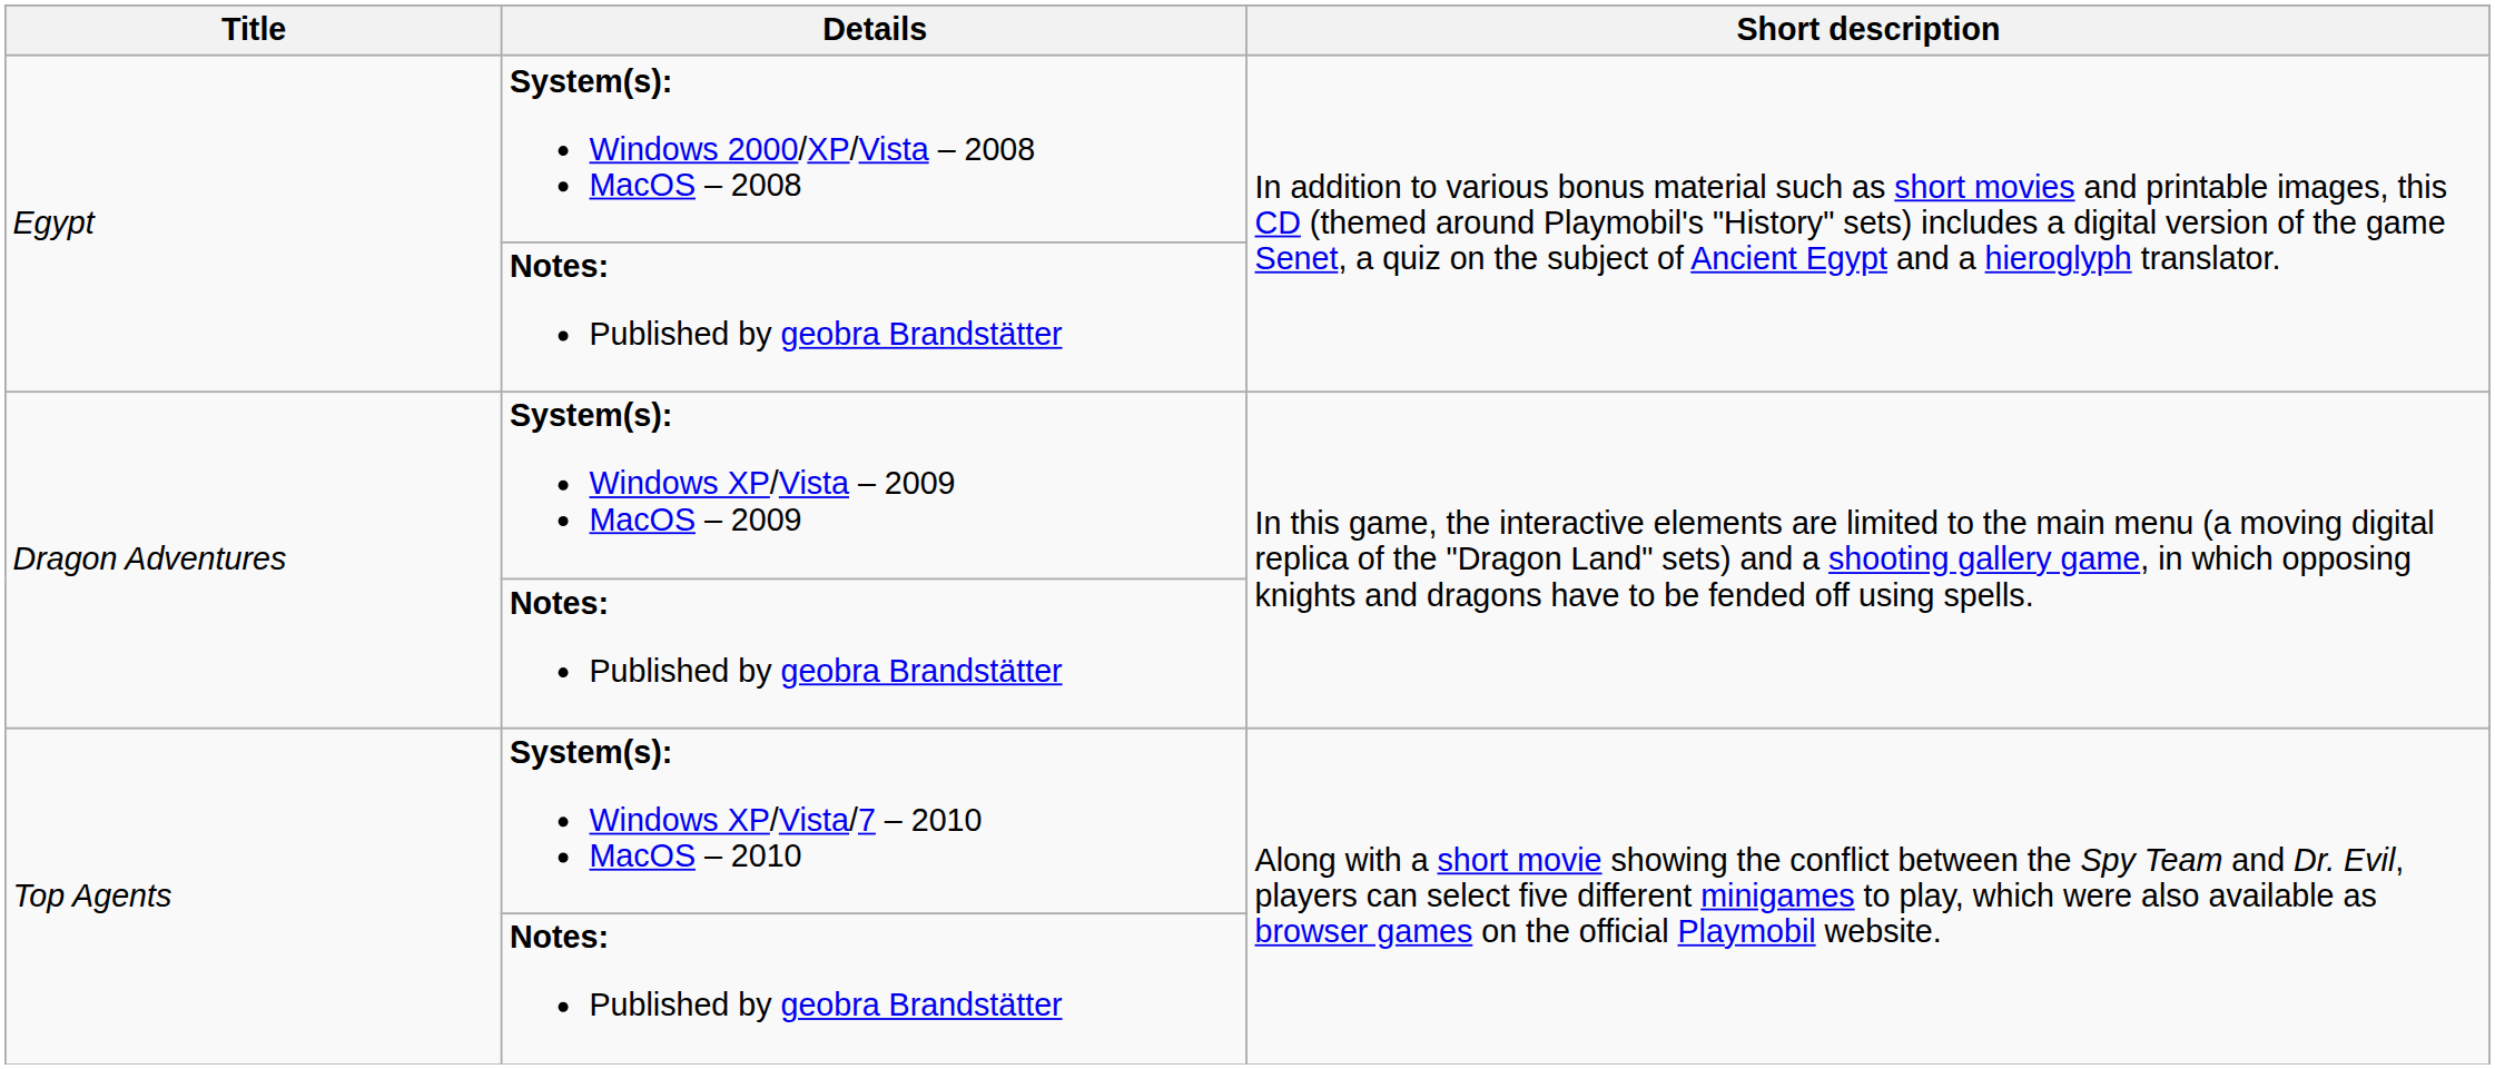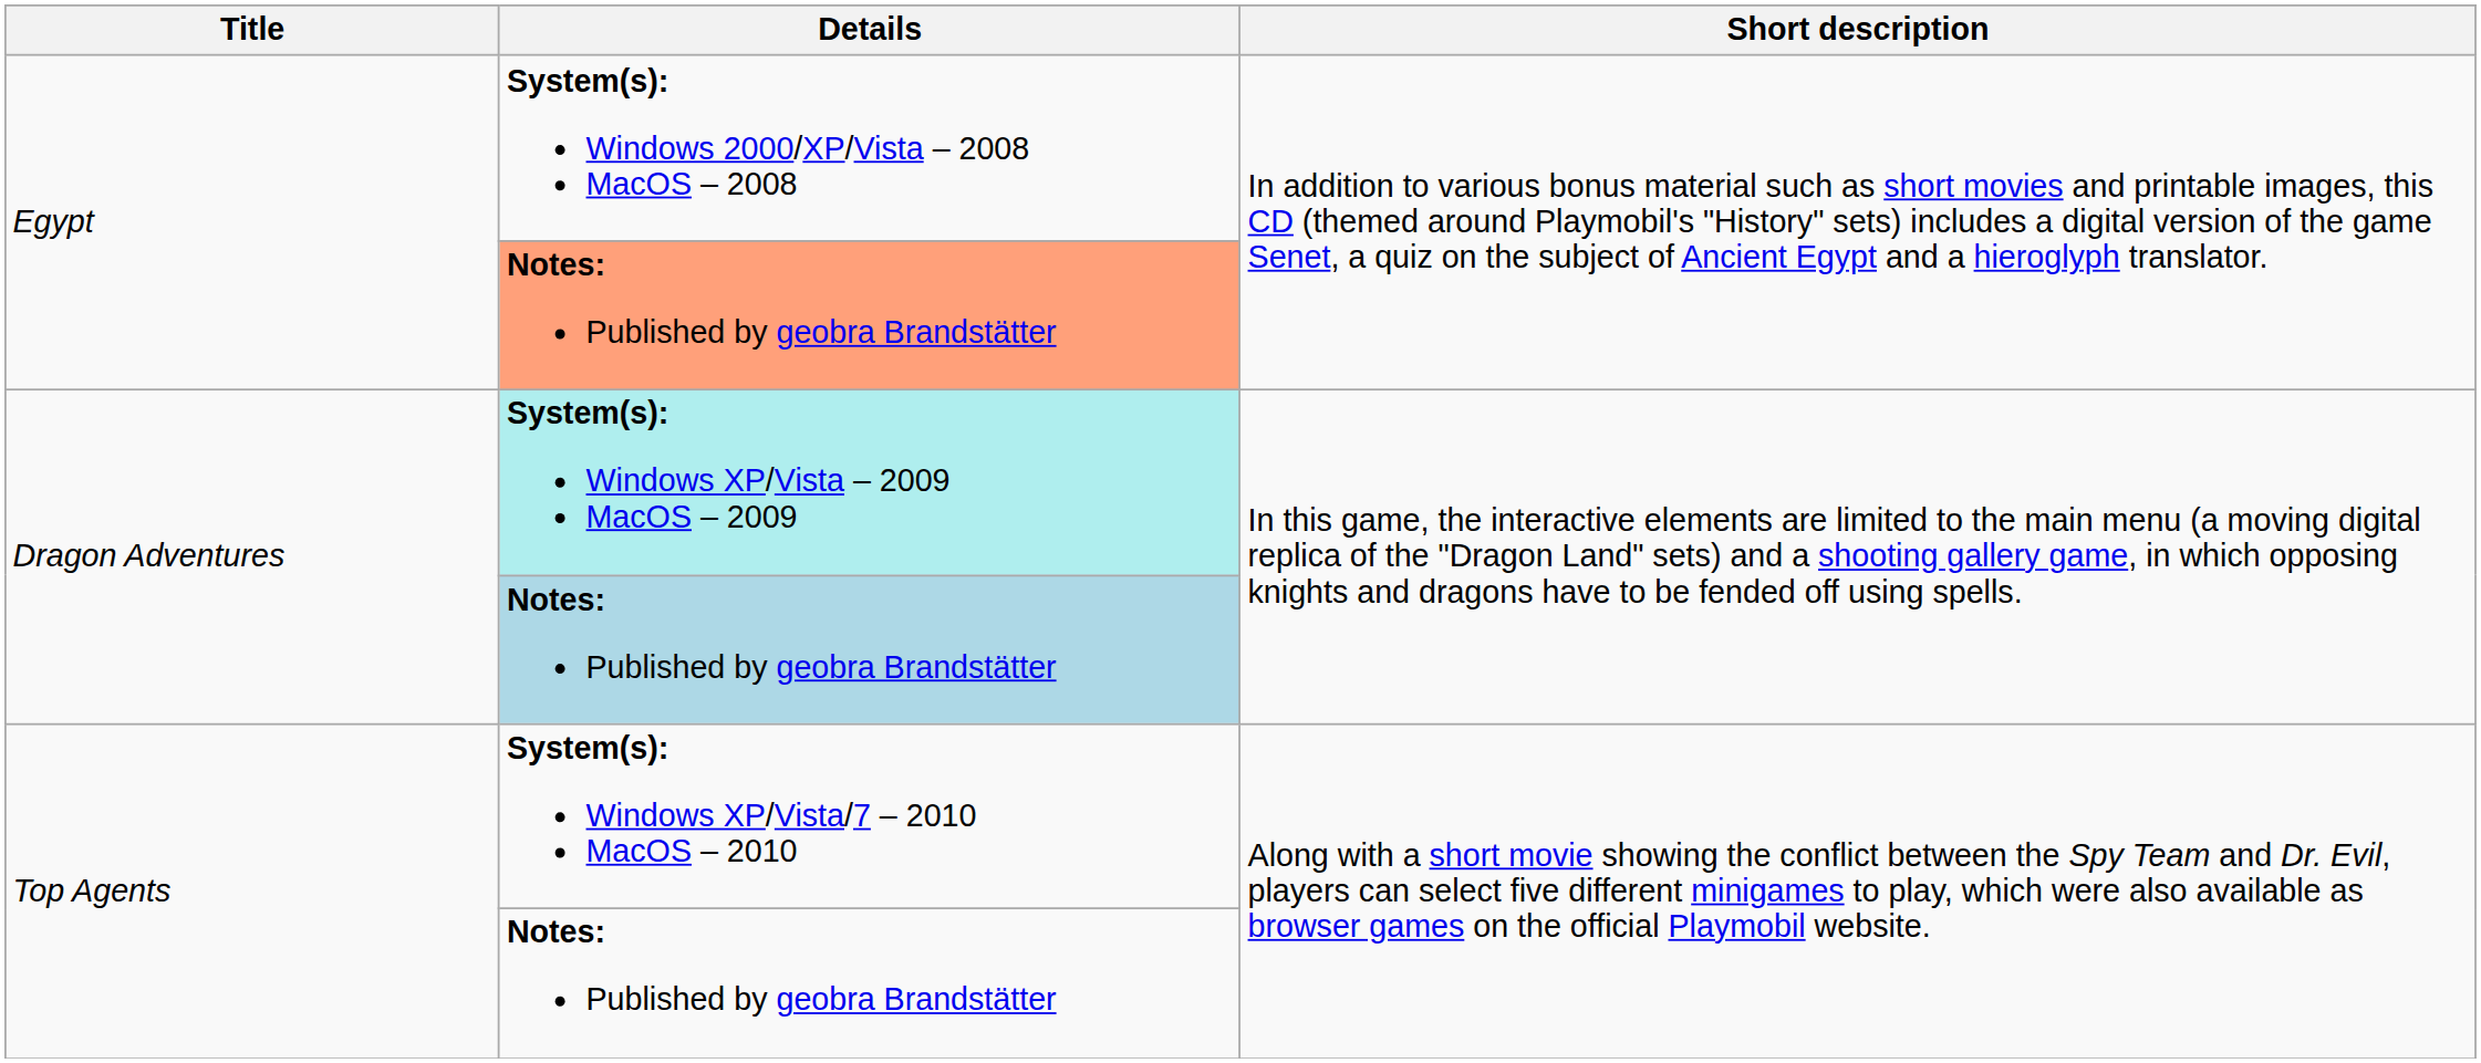 <table class="wikitable">
 <tr>
 <th style="width:20%;">Title</th>
 <th style="width:30%;">Details</th>
 <th style="width:50%;">Short description</th>
 </tr>
 <tr>
 <td rowspan="2"><div><em>Egypt</em></div></td>
 <td><strong>System(s):</strong><br><ul><li><a href='#'>Windows 2000</a>/<a href='#'>XP</a>/<a href='#'>Vista</a> – 2008</li><li><a href='#'>MacOS</a> – 2008</li></ul></td>
 <td rowspan="2">In addition to various bonus material such as <a href='#'>short movies</a> and printable images, this <a href='#'>CD</a> (themed around Playmobil's "History" sets) includes a digital version of the game <a href='#'>Senet</a>, a quiz on the subject of <a href='#'>Ancient Egypt</a> and a <a href='#'>hieroglyph</a> translator.</td>
 </tr>
 <tr>
-<td><strong>Notes:</strong><br><ul><li>Published by <a href='#'>geobra Brandstätter</a></li></ul></td>
+<td style="background: lightsalmon;"><strong>Notes:</strong><br><ul><li>Published by <a href='#'>geobra Brandstätter</a></li></ul></td>
 </tr>
 <tr>
 <td rowspan="2"><div><em>Dragon Adventures</em></div></td>
-<td><strong>System(s):</strong><br><ul><li><a href='#'>Windows XP</a>/<a href='#'>Vista</a> – 2009</li><li><a href='#'>MacOS</a> – 2009</li></ul></td>
+<td style="background: paleturquoise;"><strong>System(s):</strong><br><ul><li><a href='#'>Windows XP</a>/<a href='#'>Vista</a> – 2009</li><li><a href='#'>MacOS</a> – 2009</li></ul></td>
 <td rowspan="2">In this game, the interactive elements are limited to the main menu (a moving digital replica of the "Dragon Land" sets) and a <a href='#'>shooting gallery game</a>, in which opposing knights and dragons have to be fended off using spells.</td>
 </tr>
 <tr>
-<td><strong>Notes:</strong><br><ul><li>Published by <a href='#'>geobra Brandstätter</a></li></ul></td>
+<td style="background: lightblue;"><strong>Notes:</strong><br><ul><li>Published by <a href='#'>geobra Brandstätter</a></li></ul></td>
 </tr>
 <tr>
 <td rowspan="2"><div><em>Top Agents</em></div></td>
 <td><strong>System(s):</strong><br><ul><li><a href='#'>Windows XP</a>/<a href='#'>Vista</a>/<a href='#'>7</a> – 2010</li><li><a href='#'>MacOS</a> – 2010</li></ul></td>
 <td rowspan="2">Along with a <a href='#'>short movie</a> showing the conflict between the <em>Spy Team</em> and <em>Dr. Evil</em>, players can select five different <a href='#'>minigames</a> to play, which were also available as <a href='#'>browser games</a> on the official <a href='#'>Playmobil</a> website.</td>
 </tr>
 <tr>
 <td><strong>Notes:</strong><br><ul><li>Published by <a href='#'>geobra Brandstätter</a></li></ul></td>
 </tr>
 </table>
